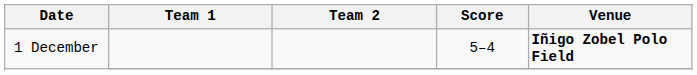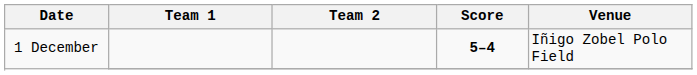 <table class="wikitable" style="font-size: 90%;">
 <tr>
 <th width="80">Date</th>
 <th width="130">Team 1</th>
 <th width="130">Team 2</th>
 <th width="70">Score</th>
 <th width="130">Venue</th>
 </tr>
 <tr>
 <td align="center" rowspan="2">1 December</td>
 <td><strong></strong></td>
 <td></td>
-<td align=center>5–4 <br> </td>
-<td><strong>Iñigo Zobel Polo Field</strong></td>
+<td align=center><strong>5–4 <br> </strong></td>
+<td>Iñigo Zobel Polo Field</td>
 </tr>
 <tr>
 </tr>
 </table>
